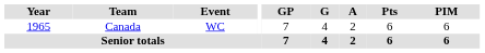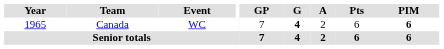 <table border="0" cellpadding="1" cellspacing="0" ID="Table3" style="text-align:center; width:40em">
 <tr bgcolor="#e0e0e0">
 <th>Year</th>
 <th>Team</th>
 <th>Event</th>
 <th rowspan="102" bgcolor="#ffffff"></th>
 <th>GP</th>
 <th>G</th>
 <th>A</th>
 <th>Pts</th>
 <th>PIM</th>
 </tr>
 <tr>
 <td><a href='#'>1965</a></td>
 <td><a href='#'>Canada</a></td>
 <td><a href='#'>WC</a></td>
 <td>7</td>
-<td>4</td>
+<td><strong>4</strong></td>
 <td>2</td>
 <td>6</td>
-<td>6</td>
+<td><strong>6</strong></td>
 </tr>
 <tr bgcolor="#e0e0e0">
 <th colspan="4">Senior totals</th>
 <th>7</th>
 <th>4</th>
 <th>2</th>
 <th>6</th>
 <th>6</th>
 </tr>
 </table>
